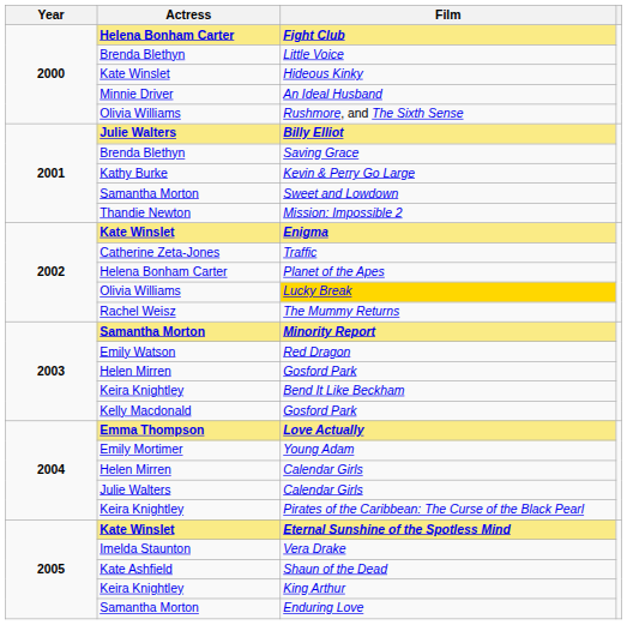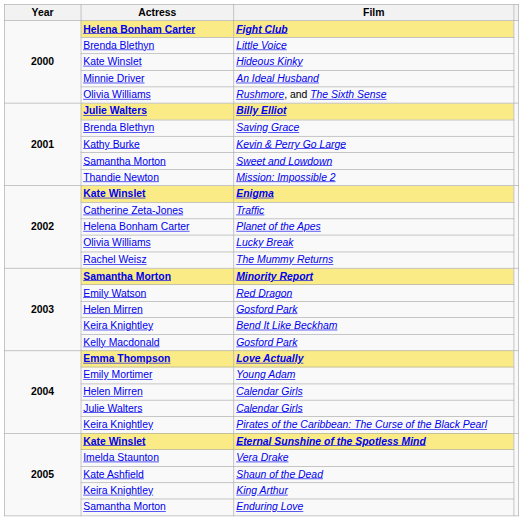 <table class="wikitable" width="50%">
 <tr>
 <th width="15%">Year</th>
 <th width="30%">Actress</th>
 <th width="60%">Film</th>
 <th width="2%"></th>
 </tr>
 <tr>
 <td rowspan="5" style="text-align:center"><strong>2000<br> </strong></td>
 <td style="background:#FAEB86"><strong><a href='#'>Helena Bonham Carter</a></strong></td>
 <td style="background:#FAEB86"><strong><em><a href='#'>Fight Club</a></em></strong></td>
 <td rowspan="5" style="text-align:center"></td>
 </tr>
 <tr>
 <td><a href='#'>Brenda Blethyn</a></td>
 <td><em><a href='#'>Little Voice</a></em></td>
 </tr>
 <tr>
 <td><a href='#'>Kate Winslet</a></td>
 <td><em><a href='#'>Hideous Kinky</a></em></td>
 </tr>
 <tr>
 <td><a href='#'>Minnie Driver</a></td>
 <td><em><a href='#'>An Ideal Husband</a></em></td>
 </tr>
 <tr>
 <td><a href='#'>Olivia Williams</a></td>
 <td><em><a href='#'>Rushmore</a></em>, and <em><a href='#'>The Sixth Sense</a></em></td>
 </tr>
 <tr>
 <td rowspan="5" style="text-align:center"><strong>2001<br> </strong></td>
 <td style="background:#FAEB86"><strong><a href='#'>Julie Walters</a></strong></td>
 <td style="background:#FAEB86"><strong><em><a href='#'>Billy Elliot</a></em></strong></td>
 <td rowspan="5" style="text-align:center"></td>
 </tr>
 <tr>
 <td><a href='#'>Brenda Blethyn</a></td>
 <td><em><a href='#'>Saving Grace</a></em></td>
 </tr>
 <tr>
 <td><a href='#'>Kathy Burke</a></td>
 <td><em><a href='#'>Kevin & Perry Go Large</a></em></td>
 </tr>
 <tr>
 <td><a href='#'>Samantha Morton</a></td>
 <td><em><a href='#'>Sweet and Lowdown</a></em></td>
 </tr>
 <tr>
 <td><a href='#'>Thandie Newton</a></td>
 <td><em><a href='#'>Mission: Impossible 2</a></em></td>
 </tr>
 <tr>
 <td rowspan="5" style="text-align:center"><strong>2002<br> </strong></td>
 <td style="background:#FAEB86"><strong><a href='#'>Kate Winslet</a></strong></td>
 <td style="background:#FAEB86"><strong><em><a href='#'>Enigma</a></em></strong></td>
 <td rowspan="5" style="text-align:center"></td>
 </tr>
 <tr>
 <td><a href='#'>Catherine Zeta-Jones</a></td>
 <td><em><a href='#'>Traffic</a></em></td>
 </tr>
 <tr>
 <td><a href='#'>Helena Bonham Carter</a></td>
 <td><em><a href='#'>Planet of the Apes</a></em></td>
 </tr>
 <tr>
 <td><a href='#'>Olivia Williams</a></td>
-<td style="background: gold;"><em><a href='#'>Lucky Break</a></em></td>
+<td><em><a href='#'>Lucky Break</a></em></td>
 </tr>
 <tr>
 <td><a href='#'>Rachel Weisz</a></td>
 <td><em><a href='#'>The Mummy Returns</a></em></td>
 </tr>
 <tr>
 <td rowspan="5" style="text-align:center"><strong>2003<br> </strong></td>
 <td style="background:#FAEB86"><strong><a href='#'>Samantha Morton</a></strong></td>
 <td style="background:#FAEB86"><strong><em><a href='#'>Minority Report</a></em></strong></td>
 <td rowspan="5" style="text-align:center"></td>
 </tr>
 <tr>
 <td><a href='#'>Emily Watson</a></td>
 <td><em><a href='#'>Red Dragon</a></em></td>
 </tr>
 <tr>
 <td><a href='#'>Helen Mirren</a></td>
 <td><em><a href='#'>Gosford Park</a></em></td>
 </tr>
 <tr>
 <td><a href='#'>Keira Knightley</a></td>
 <td><em><a href='#'>Bend It Like Beckham</a></em></td>
 </tr>
 <tr>
 <td><a href='#'>Kelly Macdonald</a></td>
 <td><em><a href='#'>Gosford Park</a></em></td>
 </tr>
 <tr>
 <td rowspan="5" style="text-align:center"><strong>2004<br> </strong></td>
 <td style="background:#FAEB86"><strong><a href='#'>Emma Thompson</a></strong></td>
 <td style="background:#FAEB86"><strong><em><a href='#'>Love Actually</a></em></strong></td>
 <td rowspan="5" style="text-align:center"></td>
 </tr>
 <tr>
 <td><a href='#'>Emily Mortimer</a></td>
 <td><em><a href='#'>Young Adam</a></em></td>
 </tr>
 <tr>
 <td><a href='#'>Helen Mirren</a></td>
 <td><em><a href='#'>Calendar Girls</a></em></td>
 </tr>
 <tr>
 <td><a href='#'>Julie Walters</a></td>
 <td><em><a href='#'>Calendar Girls</a></em></td>
 </tr>
 <tr>
 <td><a href='#'>Keira Knightley</a></td>
 <td><em><a href='#'>Pirates of the Caribbean: The Curse of the Black Pearl</a></em></td>
 </tr>
 <tr>
 <td rowspan="5" style="text-align:center"><strong>2005<br> </strong></td>
 <td style="background:#FAEB86"><strong><a href='#'>Kate Winslet</a></strong></td>
 <td style="background:#FAEB86"><strong><em><a href='#'>Eternal Sunshine of the Spotless Mind</a></em></strong></td>
 <td rowspan="5" style="text-align:center"></td>
 </tr>
 <tr>
 <td><a href='#'>Imelda Staunton</a></td>
 <td><em><a href='#'>Vera Drake</a></em></td>
 </tr>
 <tr>
 <td><a href='#'>Kate Ashfield</a></td>
 <td><em><a href='#'>Shaun of the Dead</a></em></td>
 </tr>
 <tr>
 <td><a href='#'>Keira Knightley</a></td>
 <td><em><a href='#'>King Arthur</a></em></td>
 </tr>
 <tr>
 <td><a href='#'>Samantha Morton</a></td>
 <td><em><a href='#'>Enduring Love</a></em></td>
 </tr>
 </table>
